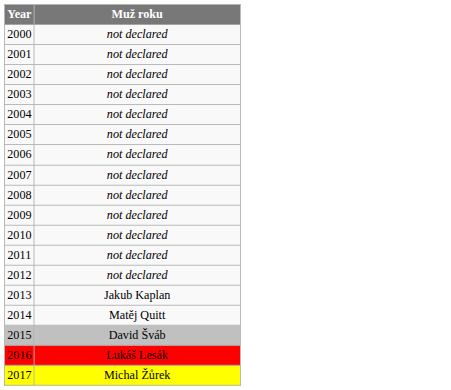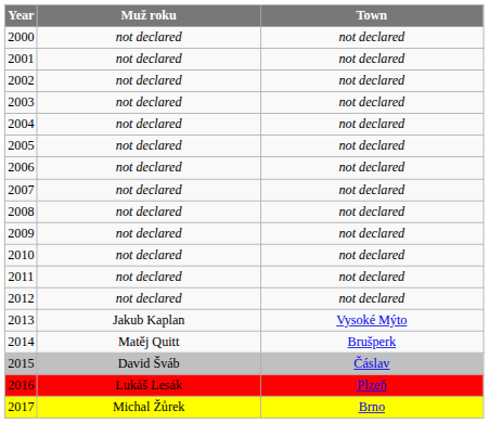 <table class="wikitable sortable" style="font-size: 95%; text-align:center">
 <tr>
 <th width="30" style="background-color:#787878;color:#FFFFFF;">Year</th>
 <th width="250" style="background-color:#787878;color:#FFFFFF;">Muž roku</th>
+<th width="250" style="background-color:#787878;color:#FFFFFF;">Town</th>
 </tr>
 <tr>
 <td>2000</td>
+<td><em>not declared</em></td>
 <td><em>not declared</em></td>
 </tr>
 <tr>
 <td>2001</td>
 <td><em>not declared</em></td>
+<td><em>not declared</em></td>
 </tr>
 <tr>
 <td>2002</td>
+<td><em>not declared</em></td>
 <td><em>not declared</em></td>
 </tr>
 <tr>
 <td>2003</td>
 <td><em>not declared</em></td>
+<td><em>not declared</em></td>
 </tr>
 <tr>
 <td>2004</td>
+<td><em>not declared</em></td>
 <td><em>not declared</em></td>
 </tr>
 <tr>
 <td>2005</td>
 <td><em>not declared</em></td>
+<td><em>not declared</em></td>
 </tr>
 <tr>
 <td>2006</td>
+<td><em>not declared</em></td>
 <td><em>not declared</em></td>
 </tr>
 <tr>
 <td>2007</td>
 <td><em>not declared</em></td>
+<td><em>not declared</em></td>
 </tr>
 <tr>
 <td>2008</td>
+<td><em>not declared</em></td>
 <td><em>not declared</em></td>
 </tr>
 <tr>
 <td>2009</td>
 <td><em>not declared</em></td>
+<td><em>not declared</em></td>
 </tr>
 <tr>
 <td>2010</td>
+<td><em>not declared</em></td>
 <td><em>not declared</em></td>
 </tr>
 <tr>
 <td>2011</td>
 <td><em>not declared</em></td>
+<td><em>not declared</em></td>
 </tr>
 <tr>
 <td>2012</td>
+<td><em>not declared</em></td>
 <td><em>not declared</em></td>
 </tr>
 <tr>
 <td>2013</td>
 <td>Jakub Kaplan</td>
+<td><a href='#'>Vysoké Mýto</a></td>
 </tr>
 <tr>
 <td>2014</td>
 <td>Matěj Quitt</td>
+<td><a href='#'>Brušperk</a></td>
 </tr>
 <tr style="background-color: silver">
 <td>2015</td>
 <td>David Šváb</td>
+<td><a href='#'>Čáslav</a></td>
 </tr>
 <tr style="background-color: red">
 <td>2016</td>
 <td>Lukáš Lesák</td>
+<td><a href='#'>Plzeň</a></td>
 </tr>
 <tr style="background-color: yellow">
 <td>2017</td>
 <td>Michal Žůrek</td>
+<td><a href='#'>Brno</a></td>
 </tr>
 </table>
